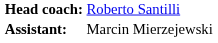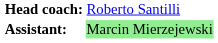 <table>
 <tr>
 <td><strong>Head coach:</strong></td>
 <td> <a href='#'>Roberto Santilli</a></td>
 </tr>
 <tr>
 <td><strong>Assistant:</strong></td>
-<td> Marcin Mierzejewski</td>
+<td style="background: lightgreen;"> Marcin Mierzejewski</td>
 </tr>
 </table>
